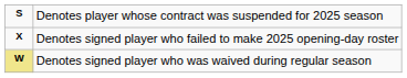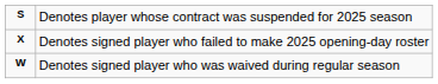 <table class="wikitable">
 <tr>
 <td style="width:30px; text-align: center"><sup><strong>S</strong></sup></td>
 <td>Denotes player whose contract was suspended for 2025 season</td>
 </tr>
 <tr>
 <td style="width:30px; text-align: center"><sup><strong>X</strong></sup></td>
 <td>Denotes signed player who failed to make 2025 opening-day roster</td>
 </tr>
 <tr>
-<td style="background: khaki; width:30px; text-align: center"><sup><strong>W</strong></sup></td>
+<td style="width:30px; text-align: center"><sup><strong>W</strong></sup></td>
 <td>Denotes signed player who was waived during regular season</td>
 </tr>
 </table>
